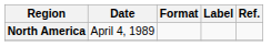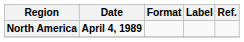 <table class="wikitable plainrowheaders">
 <tr>
 <th scope="col">Region</th>
 <th scope="col">Date</th>
 <th scope="col">Format</th>
 <th scope="col">Label</th>
 <th scope="col">Ref.</th>
 </tr>
 <tr>
 <th scope="row">North America</th>
-<td>April 4, 1989</td>
+<td><strong>April 4, 1989</strong></td>
 <td></td>
 <td></td>
 <td></td>
 </tr>
 <tr>
 </tr>
 </table>
